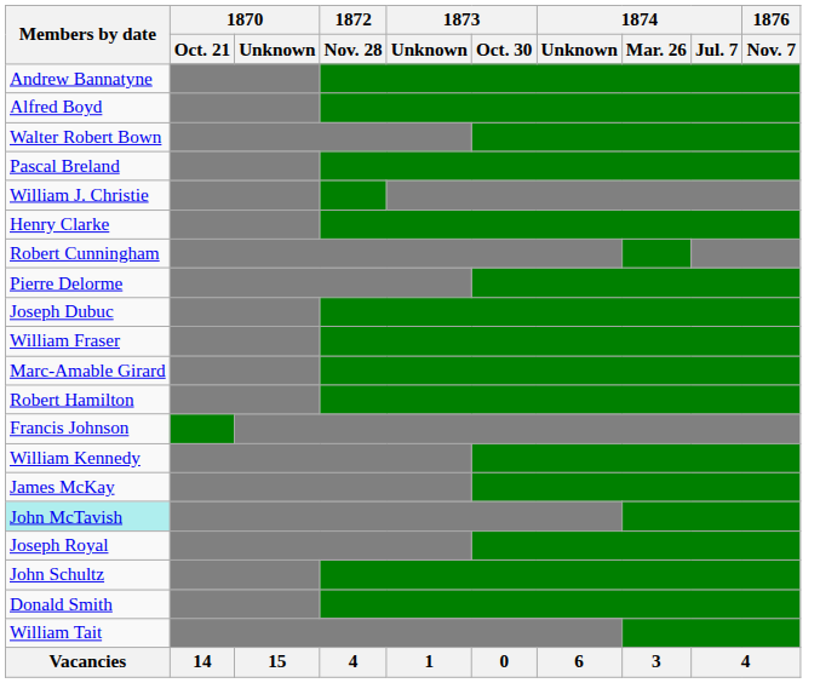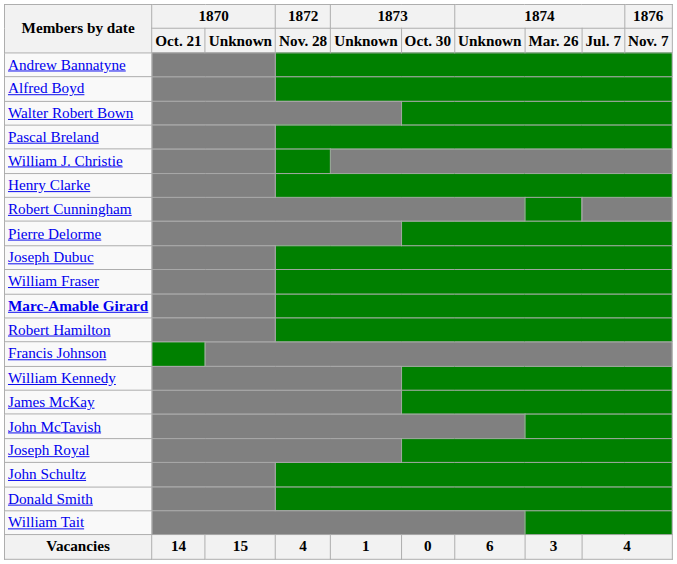 <table class="wikitable">
 <tr>
 <th rowspan=2>Members by date</th>
 <th colspan=2>1870</th>
 <th>1872</th>
 <th colspan=2>1873</th>
 <th colspan=3>1874</th>
 <th>1876</th>
 </tr>
 <tr>
 <th>Oct. 21</th>
 <th>Unknown</th>
 <th>Nov. 28</th>
 <th>Unknown</th>
 <th>Oct. 30</th>
 <th>Unknown</th>
 <th>Mar. 26</th>
 <th>Jul. 7</th>
 <th>Nov. 7</th>
 </tr>
 <tr>
 <td><a href='#'>Andrew Bannatyne</a></td>
 <td bgcolor="grey" colspan=2></td>
 <td bgcolor=green colspan=7></td>
 </tr>
 <tr>
 <td><a href='#'>Alfred Boyd</a></td>
 <td bgcolor="grey" colspan=2></td>
 <td bgcolor=green colspan=7></td>
 </tr>
 <tr>
 <td><a href='#'>Walter Robert Bown</a></td>
 <td bgcolor="grey" colspan=4></td>
 <td bgcolor=green colspan=5></td>
 </tr>
 <tr>
 <td><a href='#'>Pascal Breland</a></td>
 <td bgcolor="grey" colspan=2></td>
 <td bgcolor=green colspan=7></td>
 </tr>
 <tr>
 <td><a href='#'>William J. Christie</a></td>
 <td bgcolor="grey" colspan=2></td>
 <td bgcolor=green></td>
 <td bgcolor="grey" colspan=6></td>
 </tr>
 <tr>
 <td><a href='#'>Henry Clarke</a></td>
 <td bgcolor="grey" colspan=2></td>
 <td bgcolor=green colspan=7></td>
 </tr>
 <tr>
 <td><a href='#'>Robert Cunningham</a></td>
 <td bgcolor="grey" colspan=6></td>
 <td bgcolor="green"></td>
 <td bgcolor="grey" colspan=2></td>
 </tr>
 <tr>
 <td><a href='#'>Pierre Delorme</a></td>
 <td bgcolor="grey" colspan=4></td>
 <td bgcolor=green colspan=5></td>
 </tr>
 <tr>
 <td><a href='#'>Joseph Dubuc</a></td>
 <td bgcolor="grey" colspan=2></td>
 <td bgcolor=green colspan=7></td>
 </tr>
 <tr>
 <td><a href='#'>William Fraser</a></td>
 <td bgcolor="grey" colspan=2></td>
 <td bgcolor=green colspan=7></td>
 </tr>
 <tr>
-<td><a href='#'>Marc-Amable Girard</a></td>
+<td><strong><a href='#'>Marc-Amable Girard</a></strong></td>
 <td bgcolor="grey" colspan=2></td>
 <td bgcolor=green colspan=7></td>
 </tr>
 <tr>
 <td><a href='#'>Robert Hamilton</a></td>
 <td bgcolor="grey" colspan=2></td>
 <td bgcolor=green colspan=7></td>
 </tr>
 <tr>
 <td><a href='#'>Francis Johnson</a></td>
 <td bgcolor=green></td>
 <td bgcolor=grey colspan=8></td>
 </tr>
 <tr>
 <td><a href='#'>William Kennedy</a></td>
 <td bgcolor="grey" colspan=4></td>
 <td bgcolor=green colspan=5></td>
 </tr>
 <tr>
 <td><a href='#'>James McKay</a></td>
 <td bgcolor="grey" colspan=4></td>
 <td bgcolor=green colspan=5></td>
 </tr>
 <tr>
-<td style="background: paleturquoise;"><a href='#'>John McTavish</a></td>
+<td><a href='#'>John McTavish</a></td>
 <td bgcolor="grey" colspan=6></td>
 <td bgcolor=green colspan=3></td>
 </tr>
 <tr>
 <td><a href='#'>Joseph Royal</a></td>
 <td bgcolor="grey" colspan=4></td>
 <td bgcolor="green" colspan=5></td>
 </tr>
 <tr>
 <td><a href='#'>John Schultz</a></td>
 <td bgcolor="grey" colspan=2></td>
 <td bgcolor=green colspan=7></td>
 </tr>
 <tr>
 <td><a href='#'>Donald Smith</a></td>
 <td bgcolor="grey" colspan=2></td>
 <td bgcolor=green colspan=7></td>
 </tr>
 <tr>
 <td><a href='#'>William Tait</a></td>
 <td bgcolor="grey" colspan=6></td>
 <td bgcolor=green colspan=3></td>
 </tr>
 <tr>
 <th>Vacancies</th>
 <th>14</th>
 <th>15</th>
 <th>4</th>
 <th>1</th>
 <th>0</th>
 <th>6</th>
 <th>3</th>
 <th colspan=2>4</th>
 </tr>
 </table>
